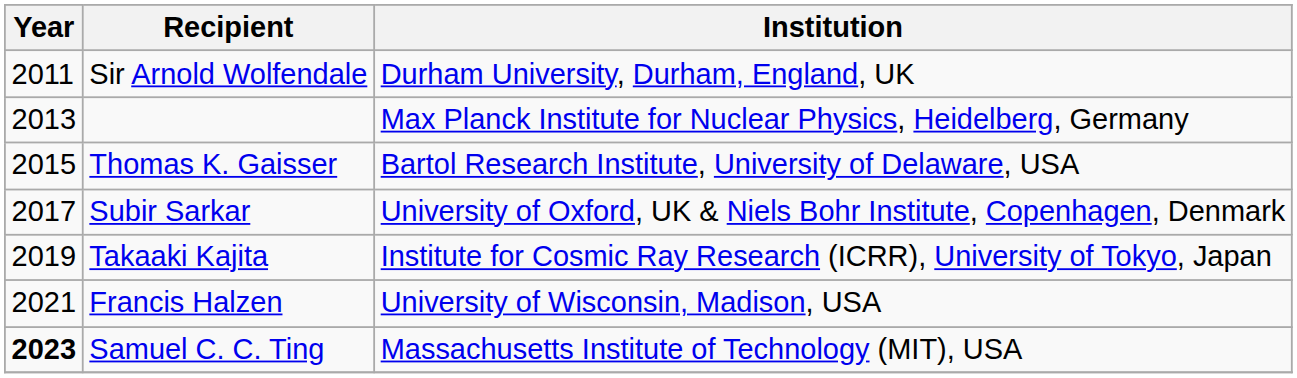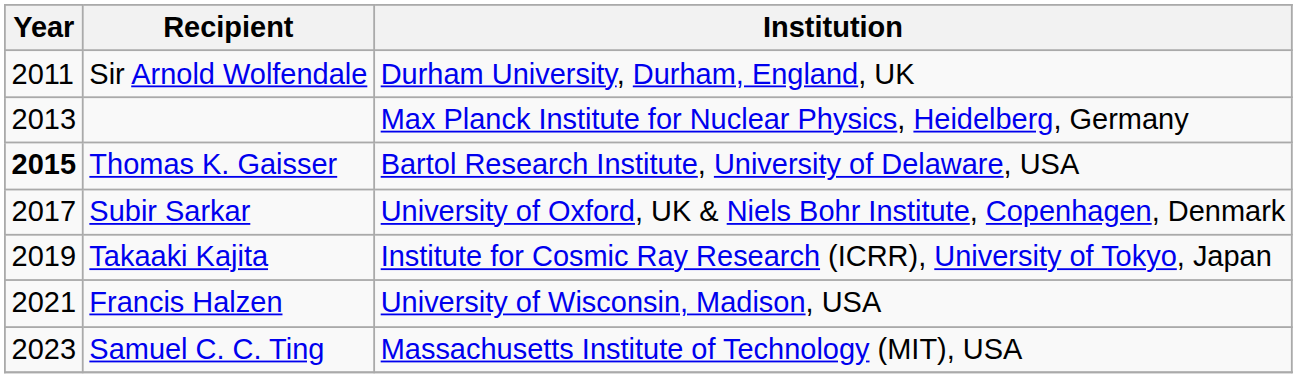 <table class="wikitable sortable">
 <tr>
 <th>Year</th>
 <th>Recipient</th>
 <th>Institution</th>
 </tr>
 <tr>
 <td>2011</td>
 <td>Sir <a href='#'>Arnold Wolfendale</a></td>
 <td><a href='#'>Durham University</a>, <a href='#'>Durham, England</a>, UK</td>
 </tr>
 <tr>
 <td>2013</td>
 <td></td>
 <td><a href='#'>Max Planck Institute for Nuclear Physics</a>, <a href='#'>Heidelberg</a>, Germany</td>
 </tr>
 <tr>
-<td>2015</td>
+<td><strong>2015</strong></td>
 <td><a href='#'>Thomas K. Gaisser</a></td>
 <td><a href='#'>Bartol Research Institute</a>, <a href='#'>University of Delaware</a>, USA</td>
 </tr>
 <tr>
 <td>2017</td>
 <td><a href='#'>Subir Sarkar</a></td>
 <td><a href='#'>University of Oxford</a>, UK & <a href='#'>Niels Bohr Institute</a>, <a href='#'>Copenhagen</a>, Denmark</td>
 </tr>
 <tr>
 <td>2019</td>
 <td><a href='#'>Takaaki Kajita</a></td>
 <td><a href='#'>Institute for Cosmic Ray Research</a> (ICRR), <a href='#'>University of Tokyo</a>, Japan</td>
 </tr>
 <tr>
 <td>2021</td>
 <td><a href='#'>Francis Halzen</a></td>
 <td><a href='#'>University of Wisconsin, Madison</a>, USA</td>
 </tr>
 <tr>
-<td><strong>2023</strong></td>
+<td>2023</td>
 <td><a href='#'>Samuel C. C. Ting</a></td>
 <td><a href='#'>Massachusetts Institute of Technology</a> (MIT), USA</td>
 </tr>
 <tr>
 </tr>
 </table>
